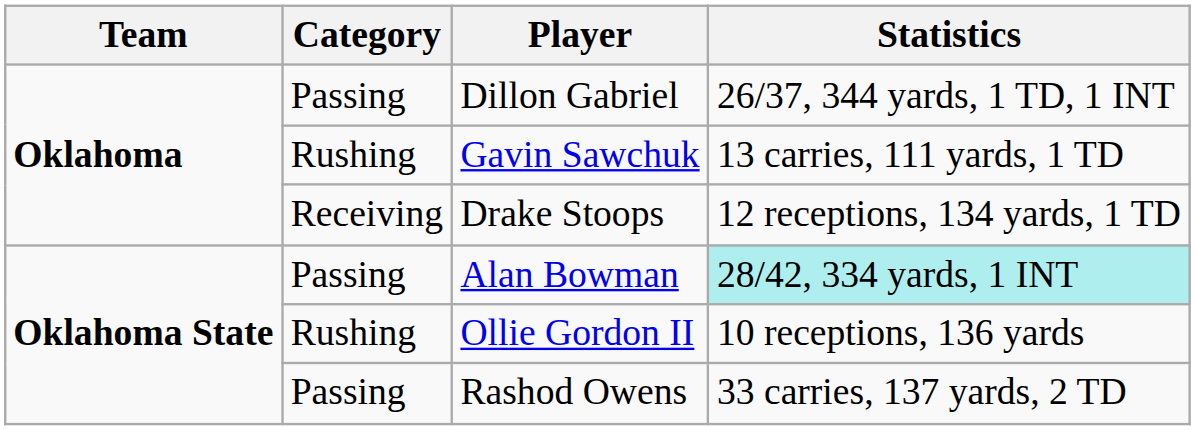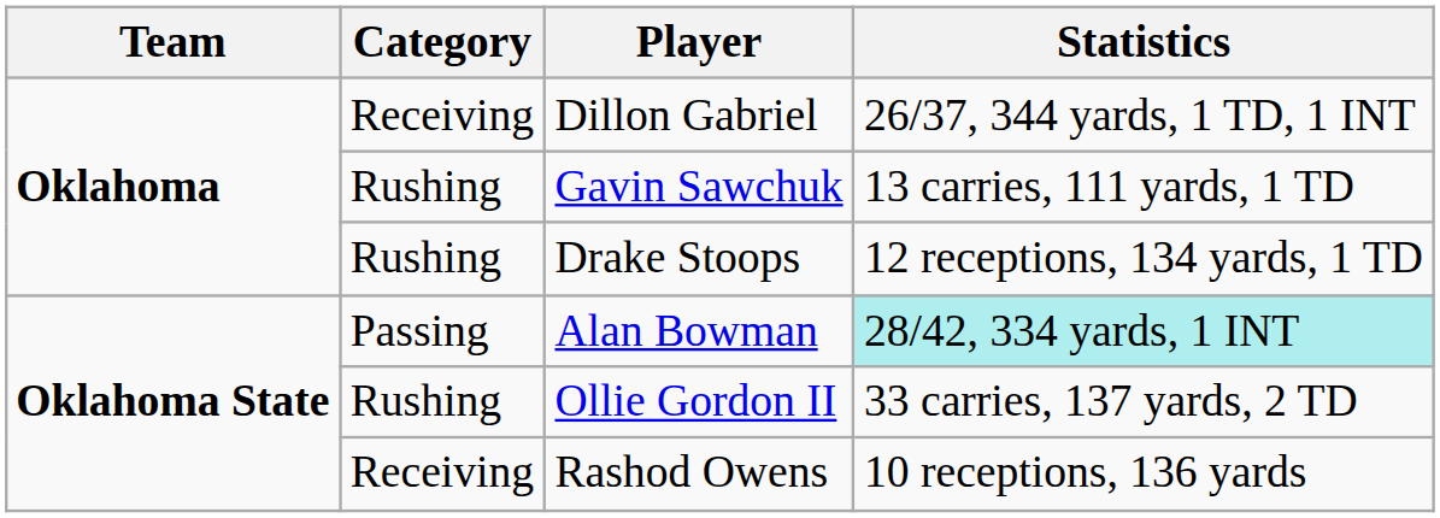 <table class="wikitable" style="float: right;">
 <tr>
 <th>Team</th>
 <th>Category</th>
 <th>Player</th>
 <th>Statistics</th>
 </tr>
 <tr>
 <td rowspan=3><strong>Oklahoma</strong></td>
-<td>Passing</td>
+<td>Receiving</td>
 <td>Dillon Gabriel</td>
 <td>26/37, 344 yards, 1 TD, 1 INT</td>
 </tr>
 <tr>
 <td>Rushing</td>
 <td><a href='#'>Gavin Sawchuk</a></td>
 <td>13 carries, 111 yards, 1 TD</td>
 </tr>
 <tr>
-<td>Receiving</td>
+<td>Rushing</td>
 <td>Drake Stoops</td>
 <td>12 receptions, 134 yards, 1 TD</td>
 </tr>
 <tr>
 <td rowspan=3><strong>Oklahoma State</strong></td>
 <td>Passing</td>
 <td><a href='#'>Alan Bowman</a></td>
 <td style="background: paleturquoise;">28/42, 334 yards, 1 INT</td>
 </tr>
 <tr>
 <td>Rushing</td>
 <td><a href='#'>Ollie Gordon II</a></td>
+<td>33 carries, 137 yards, 2 TD</td>
+</tr>
+<tr>
+<td>Receiving</td>
+<td>Rashod Owens</td>
 <td>10 receptions, 136 yards</td>
 </tr>
-<tr>
-<td>Passing</td>
-<td>Rashod Owens</td>
-<td>33 carries, 137 yards, 2 TD</td>
-</tr>
 </table>
